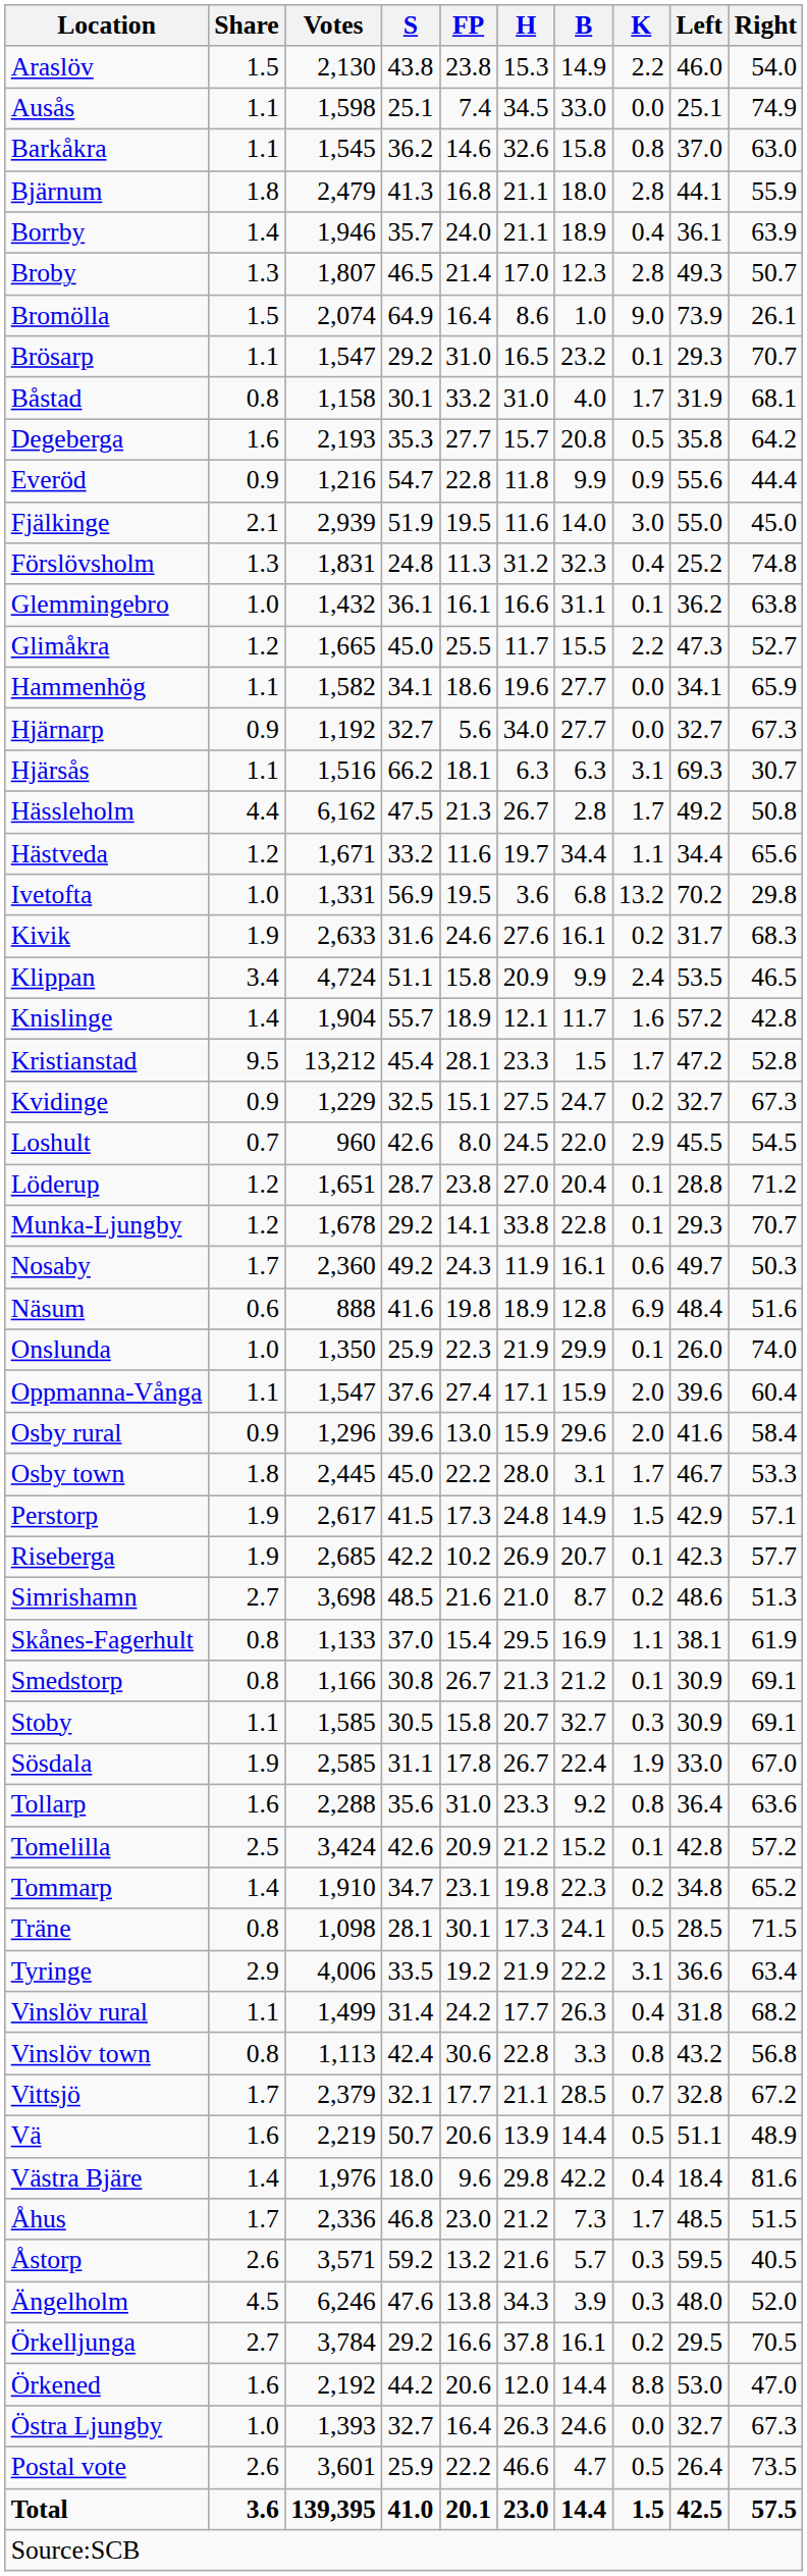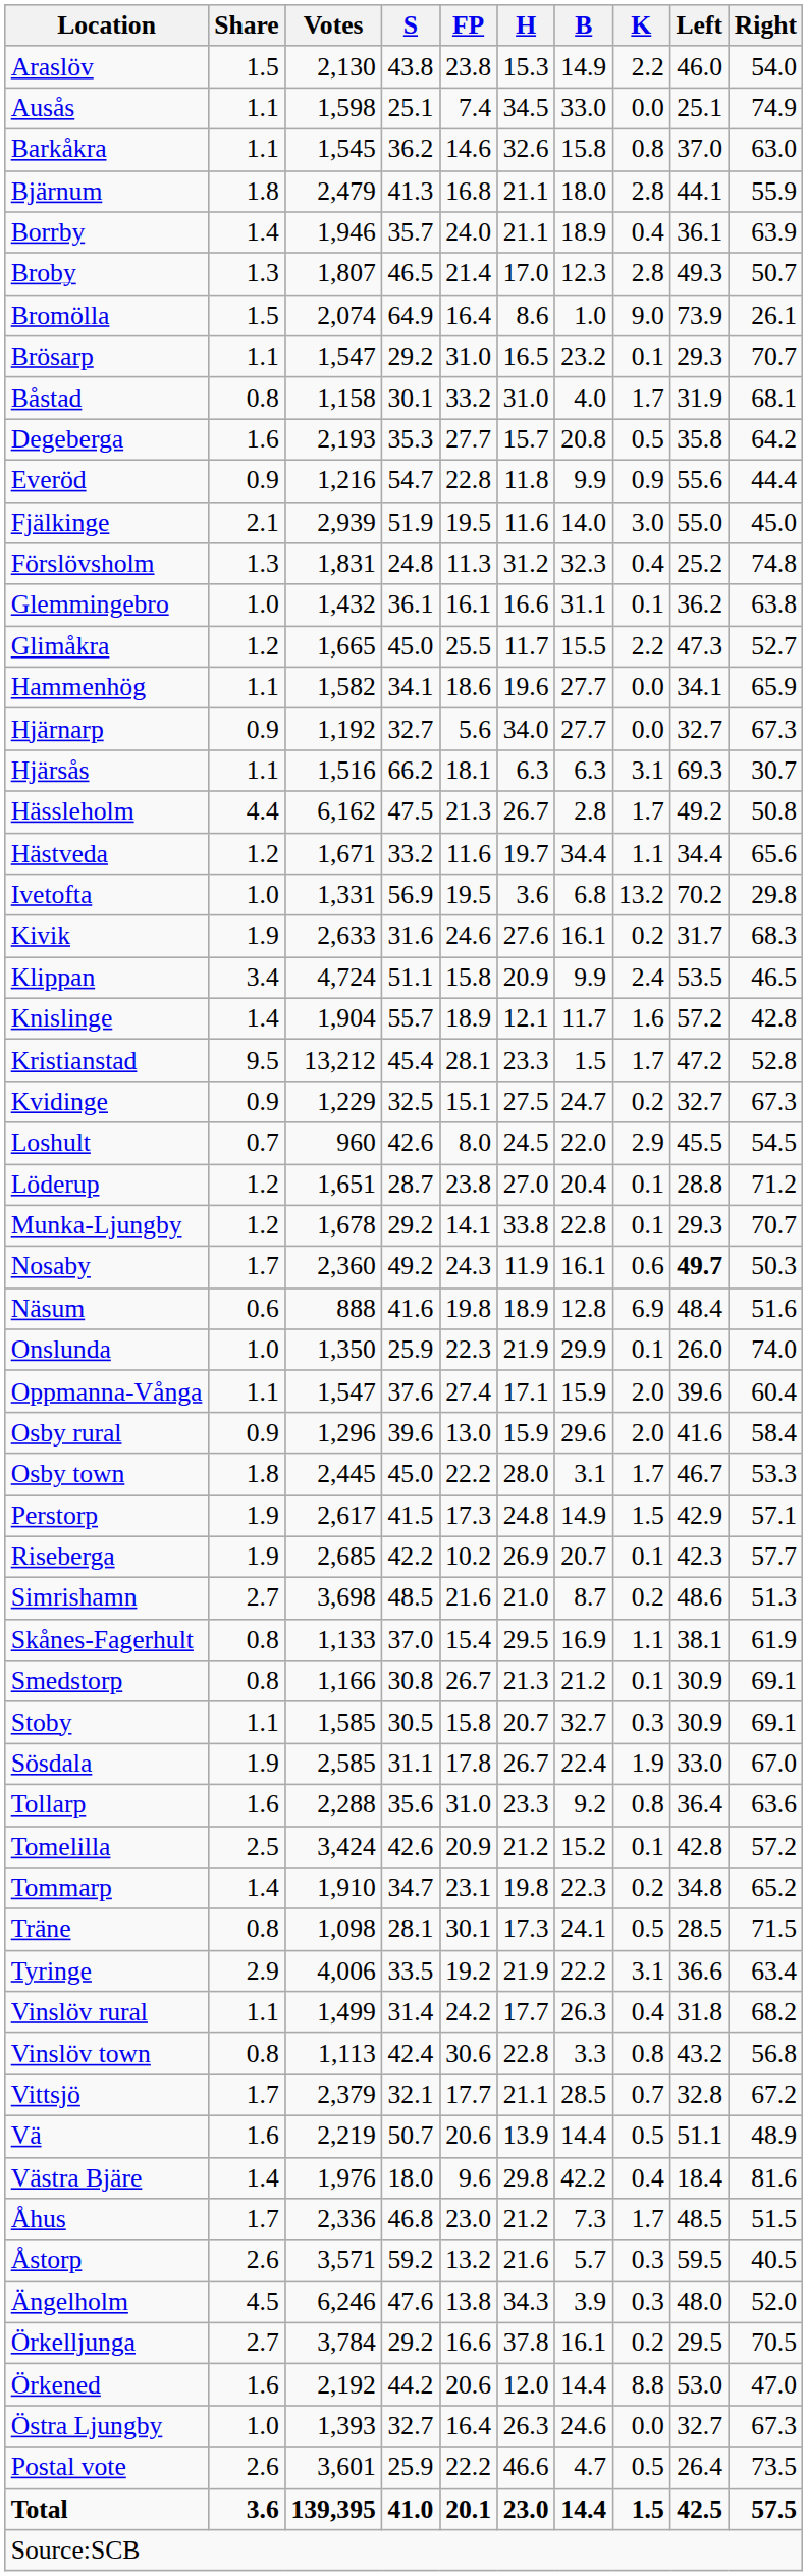 <table class="wikitable sortable" style=text-align:right>
 <tr>
 <th>Location</th>
 <th>Share</th>
 <th>Votes</th>
 <th><a href='#'>S</a></th>
 <th><a href='#'>FP</a></th>
 <th><a href='#'>H</a></th>
 <th><a href='#'>B</a></th>
 <th><a href='#'>K</a></th>
 <th>Left</th>
 <th>Right</th>
 </tr>
 <tr>
 <td align=left><a href='#'>Araslöv</a></td>
 <td>1.5</td>
 <td>2,130</td>
 <td>43.8</td>
 <td>23.8</td>
 <td>15.3</td>
 <td>14.9</td>
 <td>2.2</td>
 <td>46.0</td>
 <td>54.0</td>
 </tr>
 <tr>
 <td align=left><a href='#'>Ausås</a></td>
 <td>1.1</td>
 <td>1,598</td>
 <td>25.1</td>
 <td>7.4</td>
 <td>34.5</td>
 <td>33.0</td>
 <td>0.0</td>
 <td>25.1</td>
 <td>74.9</td>
 </tr>
 <tr>
 <td align=left><a href='#'>Barkåkra</a></td>
 <td>1.1</td>
 <td>1,545</td>
 <td>36.2</td>
 <td>14.6</td>
 <td>32.6</td>
 <td>15.8</td>
 <td>0.8</td>
 <td>37.0</td>
 <td>63.0</td>
 </tr>
 <tr>
 <td align=left><a href='#'>Bjärnum</a></td>
 <td>1.8</td>
 <td>2,479</td>
 <td>41.3</td>
 <td>16.8</td>
 <td>21.1</td>
 <td>18.0</td>
 <td>2.8</td>
 <td>44.1</td>
 <td>55.9</td>
 </tr>
 <tr>
 <td align=left><a href='#'>Borrby</a></td>
 <td>1.4</td>
 <td>1,946</td>
 <td>35.7</td>
 <td>24.0</td>
 <td>21.1</td>
 <td>18.9</td>
 <td>0.4</td>
 <td>36.1</td>
 <td>63.9</td>
 </tr>
 <tr>
 <td align=left><a href='#'>Broby</a></td>
 <td>1.3</td>
 <td>1,807</td>
 <td>46.5</td>
 <td>21.4</td>
 <td>17.0</td>
 <td>12.3</td>
 <td>2.8</td>
 <td>49.3</td>
 <td>50.7</td>
 </tr>
 <tr>
 <td align=left><a href='#'>Bromölla</a></td>
 <td>1.5</td>
 <td>2,074</td>
 <td>64.9</td>
 <td>16.4</td>
 <td>8.6</td>
 <td>1.0</td>
 <td>9.0</td>
 <td>73.9</td>
 <td>26.1</td>
 </tr>
 <tr>
 <td align=left><a href='#'>Brösarp</a></td>
 <td>1.1</td>
 <td>1,547</td>
 <td>29.2</td>
 <td>31.0</td>
 <td>16.5</td>
 <td>23.2</td>
 <td>0.1</td>
 <td>29.3</td>
 <td>70.7</td>
 </tr>
 <tr>
 <td align=left><a href='#'>Båstad</a></td>
 <td>0.8</td>
 <td>1,158</td>
 <td>30.1</td>
 <td>33.2</td>
 <td>31.0</td>
 <td>4.0</td>
 <td>1.7</td>
 <td>31.9</td>
 <td>68.1</td>
 </tr>
 <tr>
 <td align=left><a href='#'>Degeberga</a></td>
 <td>1.6</td>
 <td>2,193</td>
 <td>35.3</td>
 <td>27.7</td>
 <td>15.7</td>
 <td>20.8</td>
 <td>0.5</td>
 <td>35.8</td>
 <td>64.2</td>
 </tr>
 <tr>
 <td align=left><a href='#'>Everöd</a></td>
 <td>0.9</td>
 <td>1,216</td>
 <td>54.7</td>
 <td>22.8</td>
 <td>11.8</td>
 <td>9.9</td>
 <td>0.9</td>
 <td>55.6</td>
 <td>44.4</td>
 </tr>
 <tr>
 <td align=left><a href='#'>Fjälkinge</a></td>
 <td>2.1</td>
 <td>2,939</td>
 <td>51.9</td>
 <td>19.5</td>
 <td>11.6</td>
 <td>14.0</td>
 <td>3.0</td>
 <td>55.0</td>
 <td>45.0</td>
 </tr>
 <tr>
 <td align=left><a href='#'>Förslövsholm</a></td>
 <td>1.3</td>
 <td>1,831</td>
 <td>24.8</td>
 <td>11.3</td>
 <td>31.2</td>
 <td>32.3</td>
 <td>0.4</td>
 <td>25.2</td>
 <td>74.8</td>
 </tr>
 <tr>
 <td align=left><a href='#'>Glemmingebro</a></td>
 <td>1.0</td>
 <td>1,432</td>
 <td>36.1</td>
 <td>16.1</td>
 <td>16.6</td>
 <td>31.1</td>
 <td>0.1</td>
 <td>36.2</td>
 <td>63.8</td>
 </tr>
 <tr>
 <td align=left><a href='#'>Glimåkra</a></td>
 <td>1.2</td>
 <td>1,665</td>
 <td>45.0</td>
 <td>25.5</td>
 <td>11.7</td>
 <td>15.5</td>
 <td>2.2</td>
 <td>47.3</td>
 <td>52.7</td>
 </tr>
 <tr>
 <td align=left><a href='#'>Hammenhög</a></td>
 <td>1.1</td>
 <td>1,582</td>
 <td>34.1</td>
 <td>18.6</td>
 <td>19.6</td>
 <td>27.7</td>
 <td>0.0</td>
 <td>34.1</td>
 <td>65.9</td>
 </tr>
 <tr>
 <td align=left><a href='#'>Hjärnarp</a></td>
 <td>0.9</td>
 <td>1,192</td>
 <td>32.7</td>
 <td>5.6</td>
 <td>34.0</td>
 <td>27.7</td>
 <td>0.0</td>
 <td>32.7</td>
 <td>67.3</td>
 </tr>
 <tr>
 <td align=left><a href='#'>Hjärsås</a></td>
 <td>1.1</td>
 <td>1,516</td>
 <td>66.2</td>
 <td>18.1</td>
 <td>6.3</td>
 <td>6.3</td>
 <td>3.1</td>
 <td>69.3</td>
 <td>30.7</td>
 </tr>
 <tr>
 <td align=left><a href='#'>Hässleholm</a></td>
 <td>4.4</td>
 <td>6,162</td>
 <td>47.5</td>
 <td>21.3</td>
 <td>26.7</td>
 <td>2.8</td>
 <td>1.7</td>
 <td>49.2</td>
 <td>50.8</td>
 </tr>
 <tr>
 <td align=left><a href='#'>Hästveda</a></td>
 <td>1.2</td>
 <td>1,671</td>
 <td>33.2</td>
 <td>11.6</td>
 <td>19.7</td>
 <td>34.4</td>
 <td>1.1</td>
 <td>34.4</td>
 <td>65.6</td>
 </tr>
 <tr>
 <td align=left><a href='#'>Ivetofta</a></td>
 <td>1.0</td>
 <td>1,331</td>
 <td>56.9</td>
 <td>19.5</td>
 <td>3.6</td>
 <td>6.8</td>
 <td>13.2</td>
 <td>70.2</td>
 <td>29.8</td>
 </tr>
 <tr>
 <td align=left><a href='#'>Kivik</a></td>
 <td>1.9</td>
 <td>2,633</td>
 <td>31.6</td>
 <td>24.6</td>
 <td>27.6</td>
 <td>16.1</td>
 <td>0.2</td>
 <td>31.7</td>
 <td>68.3</td>
 </tr>
 <tr>
 <td align=left><a href='#'>Klippan</a></td>
 <td>3.4</td>
 <td>4,724</td>
 <td>51.1</td>
 <td>15.8</td>
 <td>20.9</td>
 <td>9.9</td>
 <td>2.4</td>
 <td>53.5</td>
 <td>46.5</td>
 </tr>
 <tr>
 <td align=left><a href='#'>Knislinge</a></td>
 <td>1.4</td>
 <td>1,904</td>
 <td>55.7</td>
 <td>18.9</td>
 <td>12.1</td>
 <td>11.7</td>
 <td>1.6</td>
 <td>57.2</td>
 <td>42.8</td>
 </tr>
 <tr>
 <td align=left><a href='#'>Kristianstad</a></td>
 <td>9.5</td>
 <td>13,212</td>
 <td>45.4</td>
 <td>28.1</td>
 <td>23.3</td>
 <td>1.5</td>
 <td>1.7</td>
 <td>47.2</td>
 <td>52.8</td>
 </tr>
 <tr>
 <td align=left><a href='#'>Kvidinge</a></td>
 <td>0.9</td>
 <td>1,229</td>
 <td>32.5</td>
 <td>15.1</td>
 <td>27.5</td>
 <td>24.7</td>
 <td>0.2</td>
 <td>32.7</td>
 <td>67.3</td>
 </tr>
 <tr>
 <td align=left><a href='#'>Loshult</a></td>
 <td>0.7</td>
 <td>960</td>
 <td>42.6</td>
 <td>8.0</td>
 <td>24.5</td>
 <td>22.0</td>
 <td>2.9</td>
 <td>45.5</td>
 <td>54.5</td>
 </tr>
 <tr>
 <td align=left><a href='#'>Löderup</a></td>
 <td>1.2</td>
 <td>1,651</td>
 <td>28.7</td>
 <td>23.8</td>
 <td>27.0</td>
 <td>20.4</td>
 <td>0.1</td>
 <td>28.8</td>
 <td>71.2</td>
 </tr>
 <tr>
 <td align=left><a href='#'>Munka-Ljungby</a></td>
 <td>1.2</td>
 <td>1,678</td>
 <td>29.2</td>
 <td>14.1</td>
 <td>33.8</td>
 <td>22.8</td>
 <td>0.1</td>
 <td>29.3</td>
 <td>70.7</td>
 </tr>
 <tr>
 <td align=left><a href='#'>Nosaby</a></td>
 <td>1.7</td>
 <td>2,360</td>
 <td>49.2</td>
 <td>24.3</td>
 <td>11.9</td>
 <td>16.1</td>
 <td>0.6</td>
-<td>49.7</td>
+<td><strong>49.7</strong></td>
 <td>50.3</td>
 </tr>
 <tr>
 <td align=left><a href='#'>Näsum</a></td>
 <td>0.6</td>
 <td>888</td>
 <td>41.6</td>
 <td>19.8</td>
 <td>18.9</td>
 <td>12.8</td>
 <td>6.9</td>
 <td>48.4</td>
 <td>51.6</td>
 </tr>
 <tr>
 <td align=left><a href='#'>Onslunda</a></td>
 <td>1.0</td>
 <td>1,350</td>
 <td>25.9</td>
 <td>22.3</td>
 <td>21.9</td>
 <td>29.9</td>
 <td>0.1</td>
 <td>26.0</td>
 <td>74.0</td>
 </tr>
 <tr>
 <td align=left><a href='#'>Oppmanna-Vånga</a></td>
 <td>1.1</td>
 <td>1,547</td>
 <td>37.6</td>
 <td>27.4</td>
 <td>17.1</td>
 <td>15.9</td>
 <td>2.0</td>
 <td>39.6</td>
 <td>60.4</td>
 </tr>
 <tr>
 <td align=left><a href='#'>Osby rural</a></td>
 <td>0.9</td>
 <td>1,296</td>
 <td>39.6</td>
 <td>13.0</td>
 <td>15.9</td>
 <td>29.6</td>
 <td>2.0</td>
 <td>41.6</td>
 <td>58.4</td>
 </tr>
 <tr>
 <td align=left><a href='#'>Osby town</a></td>
 <td>1.8</td>
 <td>2,445</td>
 <td>45.0</td>
 <td>22.2</td>
 <td>28.0</td>
 <td>3.1</td>
 <td>1.7</td>
 <td>46.7</td>
 <td>53.3</td>
 </tr>
 <tr>
 <td align=left><a href='#'>Perstorp</a></td>
 <td>1.9</td>
 <td>2,617</td>
 <td>41.5</td>
 <td>17.3</td>
 <td>24.8</td>
 <td>14.9</td>
 <td>1.5</td>
 <td>42.9</td>
 <td>57.1</td>
 </tr>
 <tr>
 <td align=left><a href='#'>Riseberga</a></td>
 <td>1.9</td>
 <td>2,685</td>
 <td>42.2</td>
 <td>10.2</td>
 <td>26.9</td>
 <td>20.7</td>
 <td>0.1</td>
 <td>42.3</td>
 <td>57.7</td>
 </tr>
 <tr>
 <td align=left><a href='#'>Simrishamn</a></td>
 <td>2.7</td>
 <td>3,698</td>
 <td>48.5</td>
 <td>21.6</td>
 <td>21.0</td>
 <td>8.7</td>
 <td>0.2</td>
 <td>48.6</td>
 <td>51.3</td>
 </tr>
 <tr>
 <td align=left><a href='#'>Skånes-Fagerhult</a></td>
 <td>0.8</td>
 <td>1,133</td>
 <td>37.0</td>
 <td>15.4</td>
 <td>29.5</td>
 <td>16.9</td>
 <td>1.1</td>
 <td>38.1</td>
 <td>61.9</td>
 </tr>
 <tr>
 <td align=left><a href='#'>Smedstorp</a></td>
 <td>0.8</td>
 <td>1,166</td>
 <td>30.8</td>
 <td>26.7</td>
 <td>21.3</td>
 <td>21.2</td>
 <td>0.1</td>
 <td>30.9</td>
 <td>69.1</td>
 </tr>
 <tr>
 <td align=left><a href='#'>Stoby</a></td>
 <td>1.1</td>
 <td>1,585</td>
 <td>30.5</td>
 <td>15.8</td>
 <td>20.7</td>
 <td>32.7</td>
 <td>0.3</td>
 <td>30.9</td>
 <td>69.1</td>
 </tr>
 <tr>
 <td align=left><a href='#'>Sösdala</a></td>
 <td>1.9</td>
 <td>2,585</td>
 <td>31.1</td>
 <td>17.8</td>
 <td>26.7</td>
 <td>22.4</td>
 <td>1.9</td>
 <td>33.0</td>
 <td>67.0</td>
 </tr>
 <tr>
 <td align=left><a href='#'>Tollarp</a></td>
 <td>1.6</td>
 <td>2,288</td>
 <td>35.6</td>
 <td>31.0</td>
 <td>23.3</td>
 <td>9.2</td>
 <td>0.8</td>
 <td>36.4</td>
 <td>63.6</td>
 </tr>
 <tr>
 <td align=left><a href='#'>Tomelilla</a></td>
 <td>2.5</td>
 <td>3,424</td>
 <td>42.6</td>
 <td>20.9</td>
 <td>21.2</td>
 <td>15.2</td>
 <td>0.1</td>
 <td>42.8</td>
 <td>57.2</td>
 </tr>
 <tr>
 <td align=left><a href='#'>Tommarp</a></td>
 <td>1.4</td>
 <td>1,910</td>
 <td>34.7</td>
 <td>23.1</td>
 <td>19.8</td>
 <td>22.3</td>
 <td>0.2</td>
 <td>34.8</td>
 <td>65.2</td>
 </tr>
 <tr>
 <td align=left><a href='#'>Träne</a></td>
 <td>0.8</td>
 <td>1,098</td>
 <td>28.1</td>
 <td>30.1</td>
 <td>17.3</td>
 <td>24.1</td>
 <td>0.5</td>
 <td>28.5</td>
 <td>71.5</td>
 </tr>
 <tr>
 <td align=left><a href='#'>Tyringe</a></td>
 <td>2.9</td>
 <td>4,006</td>
 <td>33.5</td>
 <td>19.2</td>
 <td>21.9</td>
 <td>22.2</td>
 <td>3.1</td>
 <td>36.6</td>
 <td>63.4</td>
 </tr>
 <tr>
 <td align=left><a href='#'>Vinslöv rural</a></td>
 <td>1.1</td>
 <td>1,499</td>
 <td>31.4</td>
 <td>24.2</td>
 <td>17.7</td>
 <td>26.3</td>
 <td>0.4</td>
 <td>31.8</td>
 <td>68.2</td>
 </tr>
 <tr>
 <td align=left><a href='#'>Vinslöv town</a></td>
 <td>0.8</td>
 <td>1,113</td>
 <td>42.4</td>
 <td>30.6</td>
 <td>22.8</td>
 <td>3.3</td>
 <td>0.8</td>
 <td>43.2</td>
 <td>56.8</td>
 </tr>
 <tr>
 <td align=left><a href='#'>Vittsjö</a></td>
 <td>1.7</td>
 <td>2,379</td>
 <td>32.1</td>
 <td>17.7</td>
 <td>21.1</td>
 <td>28.5</td>
 <td>0.7</td>
 <td>32.8</td>
 <td>67.2</td>
 </tr>
 <tr>
 <td align=left><a href='#'>Vä</a></td>
 <td>1.6</td>
 <td>2,219</td>
 <td>50.7</td>
 <td>20.6</td>
 <td>13.9</td>
 <td>14.4</td>
 <td>0.5</td>
 <td>51.1</td>
 <td>48.9</td>
 </tr>
 <tr>
 <td align=left><a href='#'>Västra Bjäre</a></td>
 <td>1.4</td>
 <td>1,976</td>
 <td>18.0</td>
 <td>9.6</td>
 <td>29.8</td>
 <td>42.2</td>
 <td>0.4</td>
 <td>18.4</td>
 <td>81.6</td>
 </tr>
 <tr>
 <td align=left><a href='#'>Åhus</a></td>
 <td>1.7</td>
 <td>2,336</td>
 <td>46.8</td>
 <td>23.0</td>
 <td>21.2</td>
 <td>7.3</td>
 <td>1.7</td>
 <td>48.5</td>
 <td>51.5</td>
 </tr>
 <tr>
 <td align=left><a href='#'>Åstorp</a></td>
 <td>2.6</td>
 <td>3,571</td>
 <td>59.2</td>
 <td>13.2</td>
 <td>21.6</td>
 <td>5.7</td>
 <td>0.3</td>
 <td>59.5</td>
 <td>40.5</td>
 </tr>
 <tr>
 <td align=left><a href='#'>Ängelholm</a></td>
 <td>4.5</td>
 <td>6,246</td>
 <td>47.6</td>
 <td>13.8</td>
 <td>34.3</td>
 <td>3.9</td>
 <td>0.3</td>
 <td>48.0</td>
 <td>52.0</td>
 </tr>
 <tr>
 <td align=left><a href='#'>Örkelljunga</a></td>
 <td>2.7</td>
 <td>3,784</td>
 <td>29.2</td>
 <td>16.6</td>
 <td>37.8</td>
 <td>16.1</td>
 <td>0.2</td>
 <td>29.5</td>
 <td>70.5</td>
 </tr>
 <tr>
 <td align=left><a href='#'>Örkened</a></td>
 <td>1.6</td>
 <td>2,192</td>
 <td>44.2</td>
 <td>20.6</td>
 <td>12.0</td>
 <td>14.4</td>
 <td>8.8</td>
 <td>53.0</td>
 <td>47.0</td>
 </tr>
 <tr>
 <td align=left><a href='#'>Östra Ljungby</a></td>
 <td>1.0</td>
 <td>1,393</td>
 <td>32.7</td>
 <td>16.4</td>
 <td>26.3</td>
 <td>24.6</td>
 <td>0.0</td>
 <td>32.7</td>
 <td>67.3</td>
 </tr>
 <tr>
 <td align=left><a href='#'>Postal vote</a></td>
 <td>2.6</td>
 <td>3,601</td>
 <td>25.9</td>
 <td>22.2</td>
 <td>46.6</td>
 <td>4.7</td>
 <td>0.5</td>
 <td>26.4</td>
 <td>73.5</td>
 </tr>
 <tr>
 <td align=left><strong>Total</strong></td>
 <td><strong>3.6</strong></td>
 <td><strong>139,395</strong></td>
 <td><strong>41.0</strong></td>
 <td><strong>20.1</strong></td>
 <td><strong>23.0</strong></td>
 <td><strong>14.4</strong></td>
 <td><strong>1.5</strong></td>
 <td><strong>42.5</strong></td>
 <td><strong>57.5</strong></td>
 </tr>
 <tr>
 <td align=left colspan=10>Source:SCB </td>
 </tr>
 </table>
